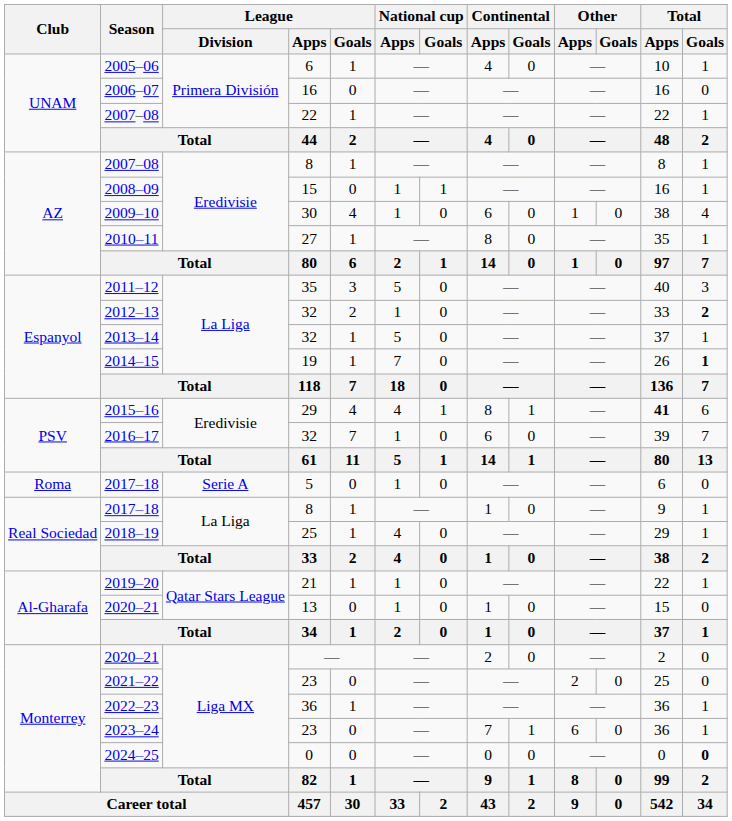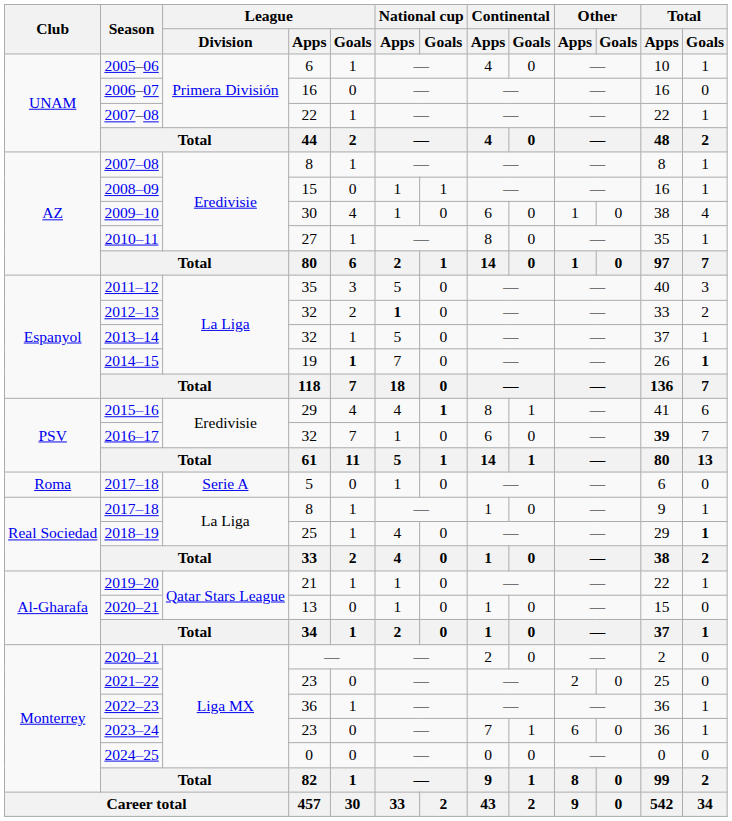 <table class=wikitable style=text-align:center>
 <tr>
 <th rowspan="2">Club</th>
 <th rowspan="2">Season</th>
 <th colspan="3">League</th>
 <th colspan="2">National cup</th>
 <th colspan="2">Continental</th>
 <th colspan="2">Other</th>
 <th colspan="2">Total</th>
 </tr>
 <tr>
 <th>Division</th>
 <th>Apps</th>
 <th>Goals</th>
 <th>Apps</th>
 <th>Goals</th>
 <th>Apps</th>
 <th>Goals</th>
 <th>Apps</th>
 <th>Goals</th>
 <th>Apps</th>
 <th>Goals</th>
 </tr>
 <tr>
 <td rowspan="4"><a href='#'>UNAM</a></td>
 <td><a href='#'>2005</a>–<a href='#'>06</a></td>
 <td rowspan="3"><a href='#'>Primera División</a></td>
 <td>6</td>
 <td>1</td>
 <td colspan="2">—</td>
 <td>4</td>
 <td>0</td>
 <td colspan="2">—</td>
 <td>10</td>
 <td>1</td>
 </tr>
 <tr>
 <td><a href='#'>2006</a>–<a href='#'>07</a></td>
 <td>16</td>
 <td>0</td>
 <td colspan="2">—</td>
 <td colspan="2">—</td>
 <td colspan="2">—</td>
 <td>16</td>
 <td>0</td>
 </tr>
 <tr>
 <td><a href='#'>2007</a>–<a href='#'>08</a></td>
 <td>22</td>
 <td>1</td>
 <td colspan="2">—</td>
 <td colspan="2">—</td>
 <td colspan="2">—</td>
 <td>22</td>
 <td>1</td>
 </tr>
 <tr>
 <th colspan="2">Total</th>
 <th>44</th>
 <th>2</th>
 <th colspan="2">—</th>
 <th>4</th>
 <th>0</th>
 <th colspan="2">—</th>
 <th>48</th>
 <th>2</th>
 </tr>
 <tr>
 <td rowspan="5"><a href='#'>AZ</a></td>
 <td><a href='#'>2007–08</a></td>
 <td rowspan="4"><a href='#'>Eredivisie</a></td>
 <td>8</td>
 <td>1</td>
 <td colspan="2">—</td>
 <td colspan="2">—</td>
 <td colspan="2">—</td>
 <td>8</td>
 <td>1</td>
 </tr>
 <tr>
 <td><a href='#'>2008–09</a></td>
 <td>15</td>
 <td>0</td>
 <td>1</td>
 <td>1</td>
 <td colspan="2">—</td>
 <td colspan="2">—</td>
 <td>16</td>
 <td>1</td>
 </tr>
 <tr>
 <td><a href='#'>2009–10</a></td>
 <td>30</td>
 <td>4</td>
 <td>1</td>
 <td>0</td>
 <td>6</td>
 <td>0</td>
 <td>1</td>
 <td>0</td>
 <td>38</td>
 <td>4</td>
 </tr>
 <tr>
 <td><a href='#'>2010–11</a></td>
 <td>27</td>
 <td>1</td>
 <td colspan="2">—</td>
 <td>8</td>
 <td>0</td>
 <td colspan="2">—</td>
 <td>35</td>
 <td>1</td>
 </tr>
 <tr>
 <th colspan="2">Total</th>
 <th>80</th>
 <th>6</th>
 <th>2</th>
 <th>1</th>
 <th>14</th>
 <th>0</th>
 <th>1</th>
 <th>0</th>
 <th>97</th>
 <th>7</th>
 </tr>
 <tr>
 <td rowspan="5"><a href='#'>Espanyol</a></td>
 <td><a href='#'>2011–12</a></td>
 <td rowspan="4"><a href='#'>La Liga</a></td>
 <td>35</td>
 <td>3</td>
 <td>5</td>
 <td>0</td>
 <td colspan="2">—</td>
 <td colspan="2">—</td>
 <td>40</td>
 <td>3</td>
 </tr>
 <tr>
 <td><a href='#'>2012–13</a></td>
 <td>32</td>
 <td>2</td>
-<td>1</td>
+<td><strong>1</strong></td>
 <td>0</td>
 <td colspan="2">—</td>
 <td colspan="2">—</td>
 <td>33</td>
-<td><strong>2</strong></td>
+<td>2</td>
 </tr>
 <tr>
 <td><a href='#'>2013–14</a></td>
 <td>32</td>
 <td>1</td>
 <td>5</td>
 <td>0</td>
 <td colspan="2">—</td>
 <td colspan="2">—</td>
 <td>37</td>
 <td>1</td>
 </tr>
 <tr>
 <td><a href='#'>2014–15</a></td>
 <td>19</td>
-<td>1</td>
+<td><strong>1</strong></td>
 <td>7</td>
 <td>0</td>
 <td colspan="2">—</td>
 <td colspan="2">—</td>
 <td>26</td>
 <td><strong>1</strong></td>
 </tr>
 <tr>
 <th colspan="2">Total</th>
 <th>118</th>
 <th>7</th>
 <th>18</th>
 <th>0</th>
 <th colspan="2">—</th>
 <th colspan="2">—</th>
 <th>136</th>
 <th>7</th>
 </tr>
 <tr>
 <td rowspan="3"><a href='#'>PSV</a></td>
 <td><a href='#'>2015–16</a></td>
 <td rowspan="2">Eredivisie</td>
 <td>29</td>
 <td>4</td>
 <td>4</td>
-<td>1</td>
+<td><strong>1</strong></td>
 <td>8</td>
 <td>1</td>
 <td colspan="2">—</td>
-<td><strong>41</strong></td>
+<td>41</td>
 <td>6</td>
 </tr>
 <tr>
 <td><a href='#'>2016–17</a></td>
 <td>32</td>
 <td>7</td>
 <td>1</td>
 <td>0</td>
 <td>6</td>
 <td>0</td>
 <td colspan="2">—</td>
-<td>39</td>
+<td><strong>39</strong></td>
 <td>7</td>
 </tr>
 <tr>
 <th colspan="2">Total</th>
 <th>61</th>
 <th>11</th>
 <th>5</th>
 <th>1</th>
 <th>14</th>
 <th>1</th>
 <th colspan="2">—</th>
 <th>80</th>
 <th>13</th>
 </tr>
 <tr>
 <td><a href='#'>Roma</a></td>
 <td><a href='#'>2017–18</a></td>
 <td><a href='#'>Serie A</a></td>
 <td>5</td>
 <td>0</td>
 <td>1</td>
 <td>0</td>
 <td colspan="2">—</td>
 <td colspan="2">—</td>
 <td>6</td>
 <td>0</td>
 </tr>
 <tr>
 <td rowspan="3"><a href='#'>Real Sociedad</a></td>
 <td><a href='#'>2017–18</a></td>
 <td rowspan="2">La Liga</td>
 <td>8</td>
 <td>1</td>
 <td colspan="2">—</td>
 <td>1</td>
 <td>0</td>
 <td colspan="2">—</td>
 <td>9</td>
 <td>1</td>
 </tr>
 <tr>
 <td><a href='#'>2018–19</a></td>
 <td>25</td>
 <td>1</td>
 <td>4</td>
 <td>0</td>
 <td colspan="2">—</td>
 <td colspan="2">—</td>
 <td>29</td>
-<td>1</td>
+<td><strong>1</strong></td>
 </tr>
 <tr>
 <th colspan="2">Total</th>
 <th>33</th>
 <th>2</th>
 <th>4</th>
 <th>0</th>
 <th>1</th>
 <th>0</th>
 <th colspan="2">—</th>
 <th>38</th>
 <th>2</th>
 </tr>
 <tr>
 <td rowspan="3"><a href='#'>Al-Gharafa</a></td>
 <td><a href='#'>2019–20</a></td>
 <td rowspan="2"><a href='#'>Qatar Stars League</a></td>
 <td>21</td>
 <td>1</td>
 <td>1</td>
 <td>0</td>
 <td colspan="2">—</td>
 <td colspan="2">—</td>
 <td>22</td>
 <td>1</td>
 </tr>
 <tr>
 <td><a href='#'>2020–21</a></td>
 <td>13</td>
 <td>0</td>
 <td>1</td>
 <td>0</td>
 <td>1</td>
 <td>0</td>
 <td colspan="2">—</td>
 <td>15</td>
 <td>0</td>
 </tr>
 <tr>
 <th colspan="2">Total</th>
 <th>34</th>
 <th>1</th>
 <th>2</th>
 <th>0</th>
 <th>1</th>
 <th>0</th>
 <th colspan="2">—</th>
 <th>37</th>
 <th>1</th>
 </tr>
 <tr>
 <td rowspan="6"><a href='#'>Monterrey</a></td>
 <td><a href='#'>2020–21</a></td>
 <td rowspan="5"><a href='#'>Liga MX</a></td>
 <td colspan="2">—</td>
 <td colspan="2">—</td>
 <td>2</td>
 <td>0</td>
 <td colspan="2">—</td>
 <td>2</td>
 <td>0</td>
 </tr>
 <tr>
 <td><a href='#'>2021–22</a></td>
 <td>23</td>
 <td>0</td>
 <td colspan="2">—</td>
 <td colspan="2">—</td>
 <td>2</td>
 <td>0</td>
 <td>25</td>
 <td>0</td>
 </tr>
 <tr>
 <td><a href='#'>2022–23</a></td>
 <td>36</td>
 <td>1</td>
 <td colspan="2">—</td>
 <td colspan="2">—</td>
 <td colspan=2>—</td>
 <td>36</td>
 <td>1</td>
 </tr>
 <tr>
 <td><a href='#'>2023–24</a></td>
 <td>23</td>
 <td>0</td>
 <td colspan="2">—</td>
 <td>7</td>
 <td>1</td>
 <td>6</td>
 <td>0</td>
 <td>36</td>
 <td>1</td>
 </tr>
 <tr>
 <td><a href='#'>2024–25</a></td>
 <td>0</td>
 <td>0</td>
 <td colspan="2">—</td>
 <td>0</td>
 <td>0</td>
 <td colspan=2>—</td>
 <td>0</td>
-<td><strong>0</strong></td>
+<td>0</td>
 </tr>
 <tr>
 <th colspan="2">Total</th>
 <th>82</th>
 <th>1</th>
 <th colspan="2">—</th>
 <th>9</th>
 <th>1</th>
 <th>8</th>
 <th>0</th>
 <th>99</th>
 <th>2</th>
 </tr>
 <tr>
 <th colspan="3">Career total</th>
 <th>457</th>
 <th>30</th>
 <th>33</th>
 <th>2</th>
 <th>43</th>
 <th>2</th>
 <th>9</th>
 <th>0</th>
 <th>542</th>
 <th>34</th>
 </tr>
 </table>
